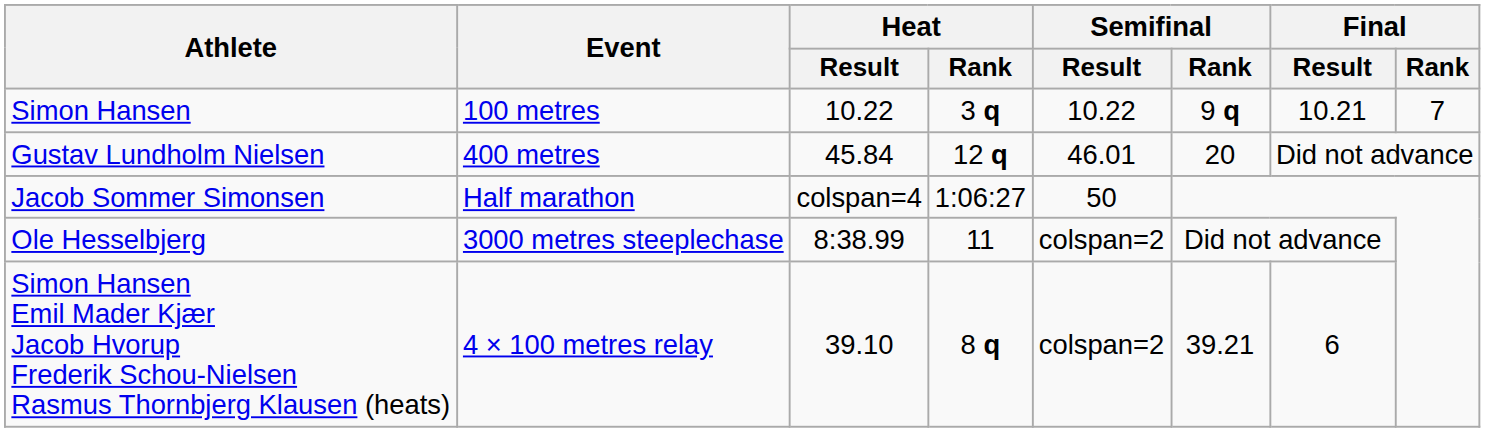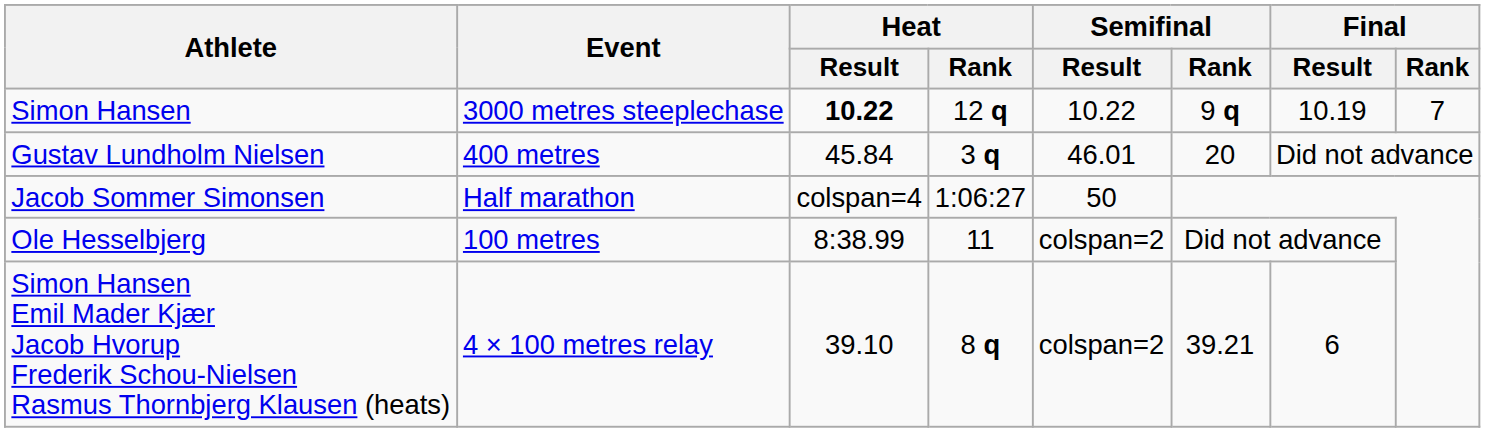 <table class=wikitable style=font-size:90%>
 <tr>
 <th rowspan=2>Athlete</th>
 <th rowspan=2>Event</th>
 <th colspan=2>Heat</th>
 <th colspan=2>Semifinal</th>
 <th colspan=2>Final</th>
 </tr>
 <tr style=font-size:95%>
 <th>Result</th>
 <th>Rank</th>
 <th>Result</th>
 <th>Rank</th>
 <th>Result</th>
 <th>Rank</th>
 </tr>
 <tr align=center>
 <td align=left><a href='#'>Simon Hansen</a></td>
-<td align=left><a href='#'>100 metres</a></td>
-<td>10.22</td>
-<td>3 <strong>q</strong></td>
+<td align=left><a href='#'>3000 metres steeplechase</a></td>
+<td><strong>10.22</strong></td>
+<td>12 <strong>q</strong></td>
 <td>10.22</td>
 <td>9 <strong>q</strong></td>
-<td>10.21 </td>
+<td>10.19 </td>
 <td>7</td>
 </tr>
 <tr align=center>
 <td align=left><a href='#'>Gustav Lundholm Nielsen</a></td>
 <td align=left><a href='#'>400 metres</a></td>
 <td>45.84 </td>
-<td>12 <strong>q</strong></td>
+<td>3 <strong>q</strong></td>
 <td>46.01</td>
 <td>20</td>
 <td colspan=2>Did not advance</td>
 </tr>
 <tr align=center>
 <td align=left><a href='#'>Jacob Sommer Simonsen</a></td>
 <td align=left><a href='#'>Half marathon</a></td>
 <td>colspan=4</td>
 <td>1:06:27</td>
 <td>50</td>
 </tr>
 <tr align=center>
 <td align=left><a href='#'>Ole Hesselbjerg</a></td>
-<td align=left><a href='#'>3000 metres steeplechase</a></td>
+<td align=left><a href='#'>100 metres</a></td>
 <td>8:38.99</td>
 <td>11</td>
 <td>colspan=2</td>
 <td colspan=2>Did not advance</td>
 </tr>
 <tr align=center>
 <td align=left><a href='#'>Simon Hansen</a><br><a href='#'>Emil Mader Kjær</a><br><a href='#'>Jacob Hvorup</a><br><a href='#'>Frederik Schou-Nielsen</a><br><a href='#'>Rasmus Thornbjerg Klausen</a> (heats)</td>
 <td align=left><a href='#'>4 × 100 metres relay</a></td>
 <td>39.10</td>
 <td>8 <strong>q</strong></td>
 <td>colspan=2</td>
 <td>39.21</td>
 <td>6</td>
 </tr>
 </table>
